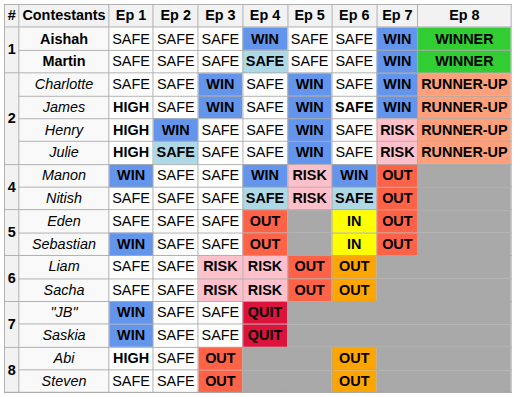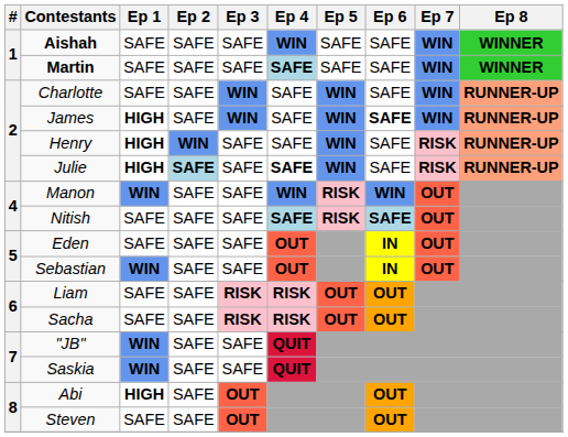 <table class="wikitable" style="text-align:center">
 <tr>
 <th rowspan="1">#</th>
 <th rowspan="1">Contestants</th>
 <th>Ep 1 </th>
 <th>Ep 2</th>
 <th>Ep 3</th>
 <th>Ep 4</th>
 <th>Ep 5</th>
 <th>Ep 6</th>
 <th>Ep 7</th>
 <th>Ep 8</th>
 </tr>
 <tr>
 <th rowspan="2">1</th>
 <td><strong>Aishah</strong></td>
 <td bgcolor="white">SAFE</td>
 <td bgcolor="white">SAFE</td>
 <td bgcolor="white">SAFE</td>
 <td bgcolor="cornflowerblue"><strong>WIN</strong></td>
 <td bgcolor="white">SAFE</td>
 <td bgcolor="white">SAFE</td>
 <td bgcolor="cornflowerblue"><strong>WIN</strong></td>
 <td bgcolor="limegreen"><strong>WINNER</strong></td>
 </tr>
 <tr>
 <td><strong>Martin</strong></td>
 <td bgcolor="white">SAFE</td>
 <td bgcolor="white">SAFE</td>
 <td bgcolor="white">SAFE</td>
 <td bgcolor="lightblue"><strong>SAFE</strong></td>
 <td bgcolor="white">SAFE</td>
 <td bgcolor="white">SAFE</td>
 <td bgcolor="cornflowerblue"><strong>WIN</strong></td>
 <td bgcolor="limegreen"><strong>WINNER</strong></td>
 </tr>
 <tr>
 <th rowspan="4">2</th>
 <td><em>Charlotte</em></td>
 <td bgcolor="white">SAFE</td>
 <td bgcolor="white">SAFE</td>
 <td bgcolor="cornflowerblue"><strong>WIN</strong></td>
 <td bgcolor="white">SAFE</td>
 <td bgcolor="cornflowerblue"><strong>WIN</strong></td>
 <td bgcolor="white">SAFE</td>
 <td bgcolor="cornflowerblue"><strong>WIN</strong></td>
 <td bgcolor="lightsalmon"><strong>RUNNER-UP</strong></td>
 </tr>
 <tr>
 <td><em>James</em></td>
 <td bgcolor="white"><strong>HIGH</strong></td>
 <td bgcolor="white">SAFE</td>
 <td bgcolor="cornflowerblue"><strong>WIN</strong></td>
 <td bgcolor="white">SAFE</td>
 <td bgcolor="cornflowerblue"><strong>WIN</strong></td>
 <td bgcolor="white"><strong>SAFE</strong></td>
 <td bgcolor="cornflowerblue"><strong>WIN</strong></td>
 <td bgcolor="lightsalmon"><strong>RUNNER-UP</strong></td>
 </tr>
 <tr>
 <td><em>Henry</em></td>
 <td bgcolor="white"><strong>HIGH</strong></td>
 <td bgcolor="cornflowerblue"><strong>WIN</strong></td>
 <td bgcolor="white">SAFE</td>
 <td bgcolor="white">SAFE</td>
 <td bgcolor="cornflowerblue"><strong>WIN</strong></td>
 <td bgcolor="white">SAFE</td>
 <td bgcolor="pink"><strong>RISK</strong></td>
 <td bgcolor="lightsalmon"><strong>RUNNER-UP</strong></td>
 </tr>
 <tr>
 <td><em>Julie</em></td>
 <td bgcolor="white"><strong>HIGH</strong></td>
 <td bgcolor="lightblue"><strong>SAFE</strong></td>
 <td bgcolor="white">SAFE</td>
-<td bgcolor="white">SAFE</td>
+<td bgcolor="white"><strong>SAFE</strong></td>
 <td bgcolor="cornflowerblue"><strong>WIN</strong></td>
 <td bgcolor="white">SAFE</td>
 <td bgcolor="pink"><strong>RISK</strong></td>
 <td bgcolor="lightsalmon"><strong>RUNNER-UP</strong></td>
 </tr>
 <tr>
 <th rowspan="2">4</th>
 <td><em>Manon</em></td>
 <td bgcolor="cornflowerblue"><strong>WIN</strong></td>
 <td bgcolor="white">SAFE</td>
 <td bgcolor="white">SAFE</td>
 <td bgcolor="cornflowerblue"><strong>WIN</strong></td>
 <td bgcolor="pink"><strong>RISK</strong></td>
 <td bgcolor="cornflowerblue"><strong>WIN</strong></td>
 <td bgcolor="tomato"><strong>OUT</strong></td>
 <td bgcolor="darkgray" colspan="1"></td>
 </tr>
 <tr>
 <td><em>Nitish</em></td>
 <td bgcolor="white">SAFE</td>
 <td bgcolor="white">SAFE</td>
 <td bgcolor="white">SAFE</td>
 <td bgcolor="lightblue"><strong>SAFE</strong></td>
 <td bgcolor="pink"><strong>RISK</strong></td>
 <td bgcolor="lightblue"><strong>SAFE</strong></td>
 <td bgcolor="tomato"><strong>OUT</strong></td>
 <td bgcolor="darkgray" colspan="1"></td>
 </tr>
 <tr>
 <th rowspan="2">5</th>
 <td><em>Eden</em></td>
 <td bgcolor="white">SAFE</td>
 <td bgcolor="white">SAFE</td>
 <td bgcolor="white">SAFE</td>
 <td bgcolor="tomato"><strong>OUT</strong></td>
 <td bgcolor="darkgray" colspan="1"></td>
 <td bgcolor="yellow"><strong>IN</strong></td>
 <td bgcolor="tomato"><strong>OUT</strong></td>
 <td bgcolor="darkgray" colspan="1"></td>
 </tr>
 <tr>
 <td><em>Sebastian</em></td>
 <td bgcolor="cornflowerblue"><strong>WIN</strong></td>
 <td bgcolor="white">SAFE</td>
 <td bgcolor="white">SAFE</td>
 <td bgcolor="tomato"><strong>OUT</strong></td>
 <td bgcolor="darkgray" colspan="1"></td>
 <td bgcolor="yellow"><strong>IN</strong></td>
 <td bgcolor="tomato"><strong>OUT</strong></td>
 <td bgcolor="darkgray" colspan="1"></td>
 </tr>
 <tr>
 <th rowspan="2">6</th>
 <td><em>Liam</em></td>
 <td bgcolor="white">SAFE</td>
 <td bgcolor="white">SAFE</td>
 <td bgcolor="pink"><strong>RISK</strong></td>
 <td bgcolor="pink"><strong>RISK</strong></td>
 <td bgcolor="tomato"><strong>OUT</strong></td>
 <td bgcolor="orange"><strong>OUT</strong></td>
 <td bgcolor="darkgray" colspan="2"></td>
 </tr>
 <tr>
 <td><em>Sacha</em></td>
 <td bgcolor="white">SAFE</td>
 <td bgcolor="white">SAFE</td>
 <td bgcolor="pink"><strong>RISK</strong></td>
 <td bgcolor="pink"><strong>RISK</strong></td>
 <td bgcolor="tomato"><strong>OUT</strong></td>
 <td bgcolor="orange"><strong>OUT</strong></td>
 <td bgcolor="darkgray" colspan="2"></td>
 </tr>
 <tr>
 <th rowspan="2">7</th>
 <td><em>"JB"</em></td>
 <td bgcolor="cornflowerblue"><strong>WIN</strong></td>
 <td bgcolor="white">SAFE</td>
 <td bgcolor="white">SAFE</td>
 <td bgcolor="crimson"><span><strong>QUIT</strong></span></td>
 <td bgcolor="darkgray" colspan="4"></td>
 </tr>
 <tr>
 <td><em>Saskia</em></td>
 <td bgcolor="cornflowerblue"><strong>WIN</strong></td>
 <td bgcolor="white">SAFE</td>
 <td bgcolor="white">SAFE</td>
 <td bgcolor="crimson"><span><strong>QUIT</strong></span></td>
 <td bgcolor="darkgray" colspan="4"></td>
 </tr>
 <tr>
 <th rowspan="2">8</th>
 <td><em>Abi</em></td>
 <td bgcolor="white"><strong>HIGH</strong></td>
 <td bgcolor="white">SAFE</td>
 <td bgcolor="tomato"><strong>OUT</strong></td>
 <td bgcolor="darkgray" colspan="2"></td>
 <td bgcolor="orange"><strong>OUT</strong></td>
 <td bgcolor="darkgray" colspan="2"></td>
 </tr>
 <tr>
 <td><em>Steven</em></td>
 <td bgcolor="white">SAFE</td>
 <td bgcolor="white">SAFE</td>
 <td bgcolor="tomato"><strong>OUT</strong></td>
 <td bgcolor="darkgray" colspan="2"></td>
 <td bgcolor="orange"><strong>OUT</strong></td>
 <td bgcolor="darkgray" colspan="2"></td>
 </tr>
 <tr>
 </tr>
 </table>
